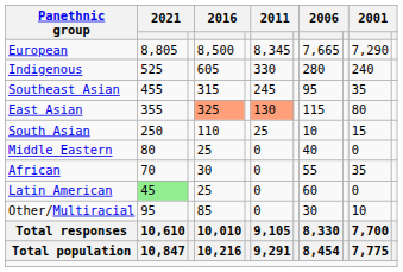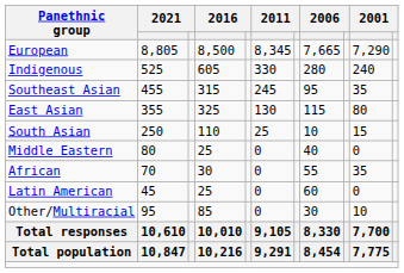 <table class="wikitable collapsible sortable">
 <tr>
 <th rowspan="2"><a href='#'>Panethnic</a><br>group</th>
 <th colspan="2">2021</th>
 <th colspan="2">2016</th>
 <th colspan="2">2011</th>
 <th colspan="2">2006</th>
 <th colspan="2">2001</th>
 </tr>
 <tr>
 <th><a href='#'></a></th>
 <th></th>
 <th></th>
 <th></th>
 <th></th>
 <th></th>
 <th></th>
 <th></th>
 <th></th>
 <th></th>
 </tr>
 <tr>
 <td><a href='#'>European</a></td>
 <td>8,805</td>
 <td></td>
 <td>8,500</td>
 <td></td>
 <td>8,345</td>
 <td></td>
 <td>7,665</td>
 <td></td>
 <td>7,290</td>
 <td></td>
 </tr>
 <tr>
 <td><a href='#'>Indigenous</a></td>
 <td>525</td>
 <td></td>
 <td>605</td>
 <td></td>
 <td>330</td>
 <td></td>
 <td>280</td>
 <td></td>
 <td>240</td>
 <td></td>
 </tr>
 <tr>
 <td><a href='#'>Southeast Asian</a></td>
 <td>455</td>
 <td></td>
 <td>315</td>
 <td></td>
 <td>245</td>
 <td></td>
 <td>95</td>
 <td></td>
 <td>35</td>
 <td></td>
 </tr>
 <tr>
 <td><a href='#'>East Asian</a></td>
 <td>355</td>
 <td></td>
-<td style="background: lightsalmon;">325</td>
+<td>325</td>
 <td></td>
-<td style="background: lightsalmon;">130</td>
+<td>130</td>
 <td></td>
 <td>115</td>
 <td></td>
 <td>80</td>
 <td></td>
 </tr>
 <tr>
 <td><a href='#'>South Asian</a></td>
 <td>250</td>
 <td></td>
 <td>110</td>
 <td></td>
 <td>25</td>
 <td></td>
 <td>10</td>
 <td></td>
 <td>15</td>
 <td></td>
 </tr>
 <tr>
 <td><a href='#'>Middle Eastern</a></td>
 <td>80</td>
 <td></td>
 <td>25</td>
 <td></td>
 <td>0</td>
 <td></td>
 <td>40</td>
 <td></td>
 <td>0</td>
 <td></td>
 </tr>
 <tr>
 <td><a href='#'>African</a></td>
 <td>70</td>
 <td></td>
 <td>30</td>
 <td></td>
 <td>0</td>
 <td></td>
 <td>55</td>
 <td></td>
 <td>35</td>
 <td></td>
 </tr>
 <tr>
 <td><a href='#'>Latin American</a></td>
-<td style="background: lightgreen;">45</td>
+<td>45</td>
 <td></td>
 <td>25</td>
 <td></td>
 <td>0</td>
 <td></td>
 <td>60</td>
 <td></td>
 <td>0</td>
 <td></td>
 </tr>
 <tr>
 <td>Other/<a href='#'>Multiracial</a></td>
 <td>95</td>
 <td></td>
 <td>85</td>
 <td></td>
 <td>0</td>
 <td></td>
 <td>30</td>
 <td></td>
 <td>10</td>
 <td></td>
 </tr>
 <tr>
 <th>Total responses</th>
 <th>10,610</th>
 <th></th>
 <th>10,010</th>
 <th></th>
 <th>9,105</th>
 <th></th>
 <th>8,330</th>
 <th></th>
 <th>7,700</th>
 <th></th>
 </tr>
 <tr>
 <th>Total population</th>
 <th>10,847</th>
 <th></th>
 <th>10,216</th>
 <th></th>
 <th>9,291</th>
 <th></th>
 <th>8,454</th>
 <th></th>
 <th>7,775</th>
 <th></th>
 </tr>
 <tr class="sortbottom">
 <td colspan="15"></td>
 </tr>
 </table>
